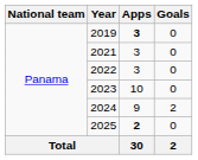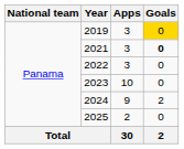 <table class="wikitable" style="text-align:center">
 <tr>
 <th>National team</th>
 <th>Year</th>
 <th>Apps</th>
 <th>Goals</th>
 </tr>
 <tr>
 <td rowspan="6"><a href='#'>Panama</a></td>
 <td>2019</td>
-<td><strong>3</strong></td>
-<td>0</td>
+<td>3</td>
+<td style="background: gold;">0</td>
 </tr>
 <tr>
 <td>2021</td>
 <td>3</td>
-<td>0</td>
+<td><strong>0</strong></td>
 </tr>
 <tr>
 <td>2022</td>
 <td>3</td>
 <td>0</td>
 </tr>
 <tr>
 <td>2023</td>
 <td>10</td>
 <td>0</td>
 </tr>
 <tr>
 <td>2024</td>
 <td>9</td>
 <td>2</td>
 </tr>
 <tr>
 <td>2025</td>
-<td><strong>2</strong></td>
+<td>2</td>
 <td>0</td>
 </tr>
 <tr>
 <th colspan="2">Total</th>
 <th>30</th>
 <th>2</th>
 </tr>
 </table>
